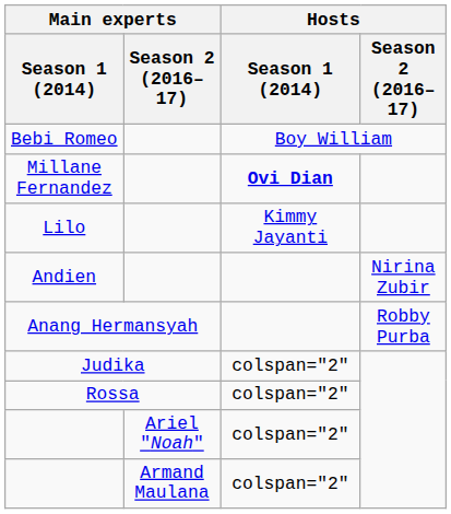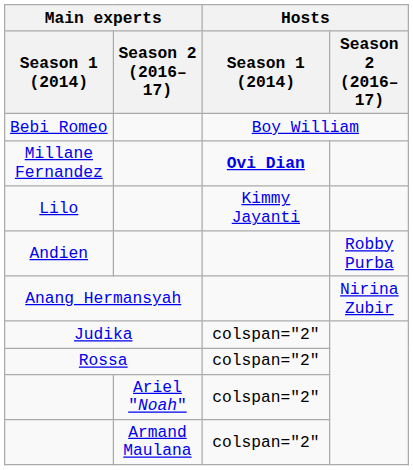 <table class="wikitable plainrowheaders" style="text-align:center; width:52%;">
 <tr>
 <th scope="col" colspan="2">Main experts</th>
 <th scope="col" colspan="2">Hosts</th>
 </tr>
 <tr>
 <th scope="col" style="width:13%">Season 1<br>(2014)</th>
 <th scope="col" style="width:13%">Season 2<br>(2016–17)</th>
 <th scope="col" style="width:13%">Season 1<br>(2014)</th>
 <th scope="col" style="width:13%">Season 2<br>(2016–17)</th>
 </tr>
 <tr>
 <td scope="row"><a href='#'>Bebi Romeo</a></td>
 <td></td>
 <td colspan="2"><a href='#'>Boy William</a></td>
 </tr>
 <tr>
 <td scope="row"><a href='#'>Millane Fernandez</a></td>
 <td></td>
 <td><strong><a href='#'>Ovi Dian</a></strong></td>
 <td></td>
 </tr>
 <tr>
 <td scope="row"><a href='#'>Lilo</a></td>
 <td></td>
 <td><a href='#'>Kimmy Jayanti</a></td>
 <td></td>
 </tr>
 <tr>
 <td scope="row"><a href='#'>Andien</a></td>
 <td></td>
 <td></td>
-<td><a href='#'>Nirina Zubir</a></td>
+<td><a href='#'>Robby Purba</a></td>
 </tr>
 <tr>
 <td colspan="2"><a href='#'>Anang Hermansyah</a></td>
 <td></td>
-<td><a href='#'>Robby Purba</a></td>
+<td><a href='#'>Nirina Zubir</a></td>
 </tr>
 <tr>
 <td colspan="2"><a href='#'>Judika</a></td>
 <td>colspan="2" </td>
 </tr>
 <tr>
 <td colspan="2"><a href='#'>Rossa</a></td>
 <td>colspan="2" </td>
 </tr>
 <tr>
 <td></td>
 <td><a href='#'>Ariel</a> <a href='#'>"<em>Noah</em>"</a></td>
 <td>colspan="2" </td>
 </tr>
 <tr>
 <td></td>
 <td><a href='#'>Armand Maulana</a></td>
 <td>colspan="2" </td>
 </tr>
 </table>
